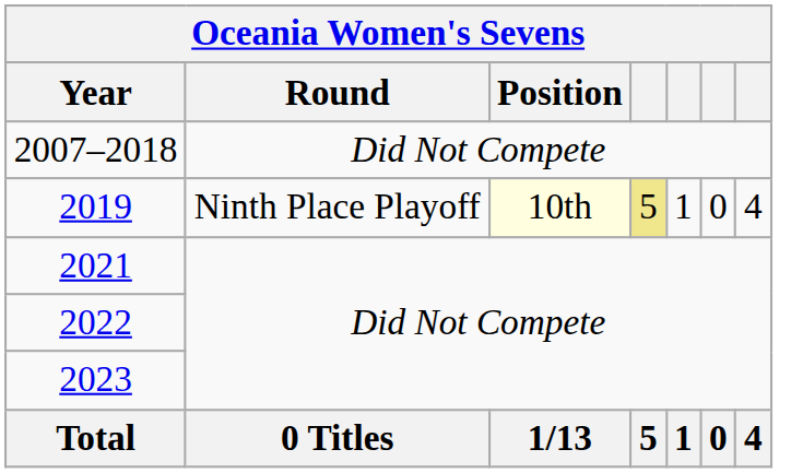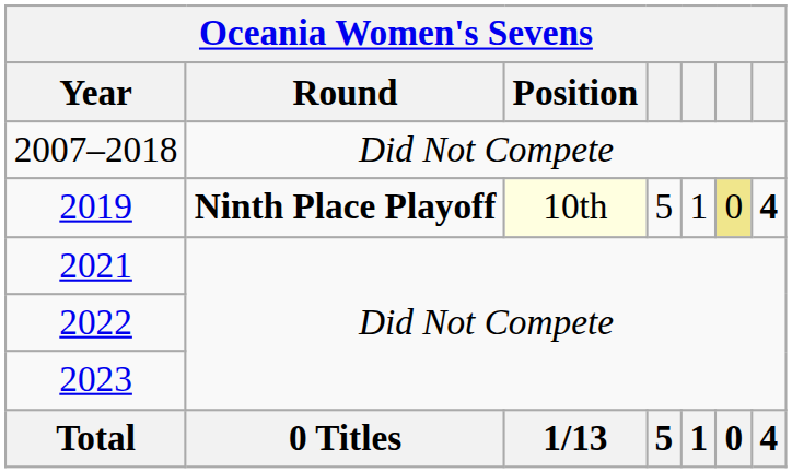 <table class="wikitable" style="text-align: center;">
 <tr>
 <th colspan="7"><a href='#'>Oceania Women's Sevens</a></th>
 </tr>
 <tr>
 <th>Year</th>
 <th>Round</th>
 <th>Position</th>
 <th></th>
 <th></th>
 <th></th>
 <th></th>
 </tr>
 <tr>
 <td>2007–2018</td>
 <td colspan="6"><em>Did Not Compete</em></td>
 </tr>
 <tr>
 <td> <a href='#'>2019</a></td>
-<td>Ninth Place Playoff</td>
+<td><strong>Ninth Place Playoff</strong></td>
 <td style="background: lightyellow;">10th</td>
-<td style="background: khaki;">5</td>
+<td>5</td>
 <td>1</td>
-<td>0</td>
-<td>4</td>
+<td style="background: khaki;">0</td>
+<td><strong>4</strong></td>
 </tr>
 <tr>
 <td> <a href='#'>2021</a></td>
 <td colspan="6" rowspan="3"><em>Did Not Compete</em></td>
 </tr>
 <tr>
 <td> <a href='#'>2022</a></td>
 </tr>
 <tr>
 <td> <a href='#'>2023</a></td>
 </tr>
 <tr>
 <th>Total</th>
 <th>0 Titles</th>
 <th>1/13</th>
 <th>5</th>
 <th>1</th>
 <th>0</th>
 <th>4</th>
 </tr>
 </table>
